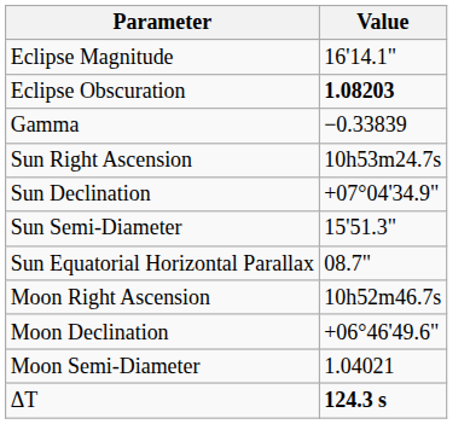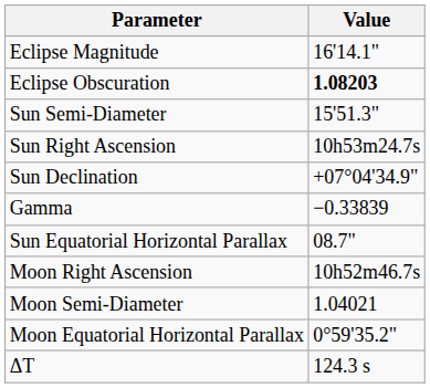 <table class="wikitable">
 <tr>
 <th>Parameter</th>
 <th>Value</th>
 </tr>
 <tr>
 <td>Eclipse Magnitude</td>
 <td>16'14.1"</td>
 </tr>
 <tr>
 <td>Eclipse Obscuration</td>
 <td><strong>1.08203</strong></td>
 </tr>
 <tr>
-<td>Gamma</td>
-<td>−0.33839</td>
+<td>Sun Semi-Diameter</td>
+<td>15'51.3"</td>
 </tr>
 <tr>
 <td>Sun Right Ascension</td>
 <td>10h53m24.7s</td>
 </tr>
 <tr>
 <td>Sun Declination</td>
 <td>+07°04'34.9"</td>
 </tr>
 <tr>
-<td>Sun Semi-Diameter</td>
-<td>15'51.3"</td>
+<td>Gamma</td>
+<td>−0.33839</td>
 </tr>
 <tr>
 <td>Sun Equatorial Horizontal Parallax</td>
 <td>08.7"</td>
 </tr>
 <tr>
 <td>Moon Right Ascension</td>
 <td>10h52m46.7s</td>
 </tr>
 <tr>
-<td>Moon Declination</td>
-<td>+06°46'49.6"</td>
-</tr>
-<tr>
 <td>Moon Semi-Diameter</td>
 <td>1.04021</td>
 </tr>
 <tr>
+<td>Moon Equatorial Horizontal Parallax</td>
+<td>0°59'35.2"</td>
+</tr>
+<tr>
 <td>ΔT</td>
-<td><strong>124.3 s</strong></td>
+<td>124.3 s</td>
 </tr>
 </table>
